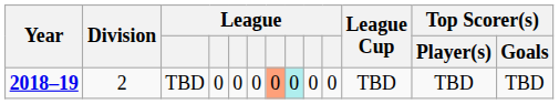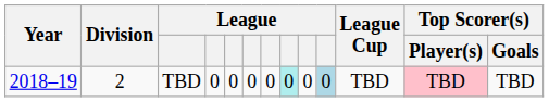 <table class="wikitable sortable" style="text-align: center">
 <tr>
 <th scope="col" rowspan="2">Year</th>
 <th scope="col" rowspan="2">Division</th>
 <th colspan=8 class="unsortable">League</th>
 <th scope="col" rowspan=2 class="unsortable">League<br>Cup</th>
 <th scope="col" colspan=3 class="unsortable">Top Scorer(s)</th>
 </tr>
 <tr>
 <th></th>
 <th></th>
 <th></th>
 <th></th>
 <th></th>
 <th></th>
 <th></th>
 <th></th>
 <th class="unsortable">Player(s)</th>
 <th class="unsortable">Goals</th>
 </tr>
 <tr>
-<td><strong><a href='#'>2018–19</a></strong></td>
+<td><a href='#'>2018–19</a></td>
 <td>2</td>
 <td>TBD</td>
 <td>0</td>
 <td>0</td>
 <td>0</td>
-<td style="background: lightsalmon;">0</td>
+<td>0</td>
 <td style="background: paleturquoise;">0</td>
 <td>0</td>
-<td>0</td>
+<td style="background: lightblue;">0</td>
 <td>TBD</td>
-<td>TBD</td>
+<td style="background: pink;">TBD</td>
 <td>TBD</td>
 </tr>
 </table>
